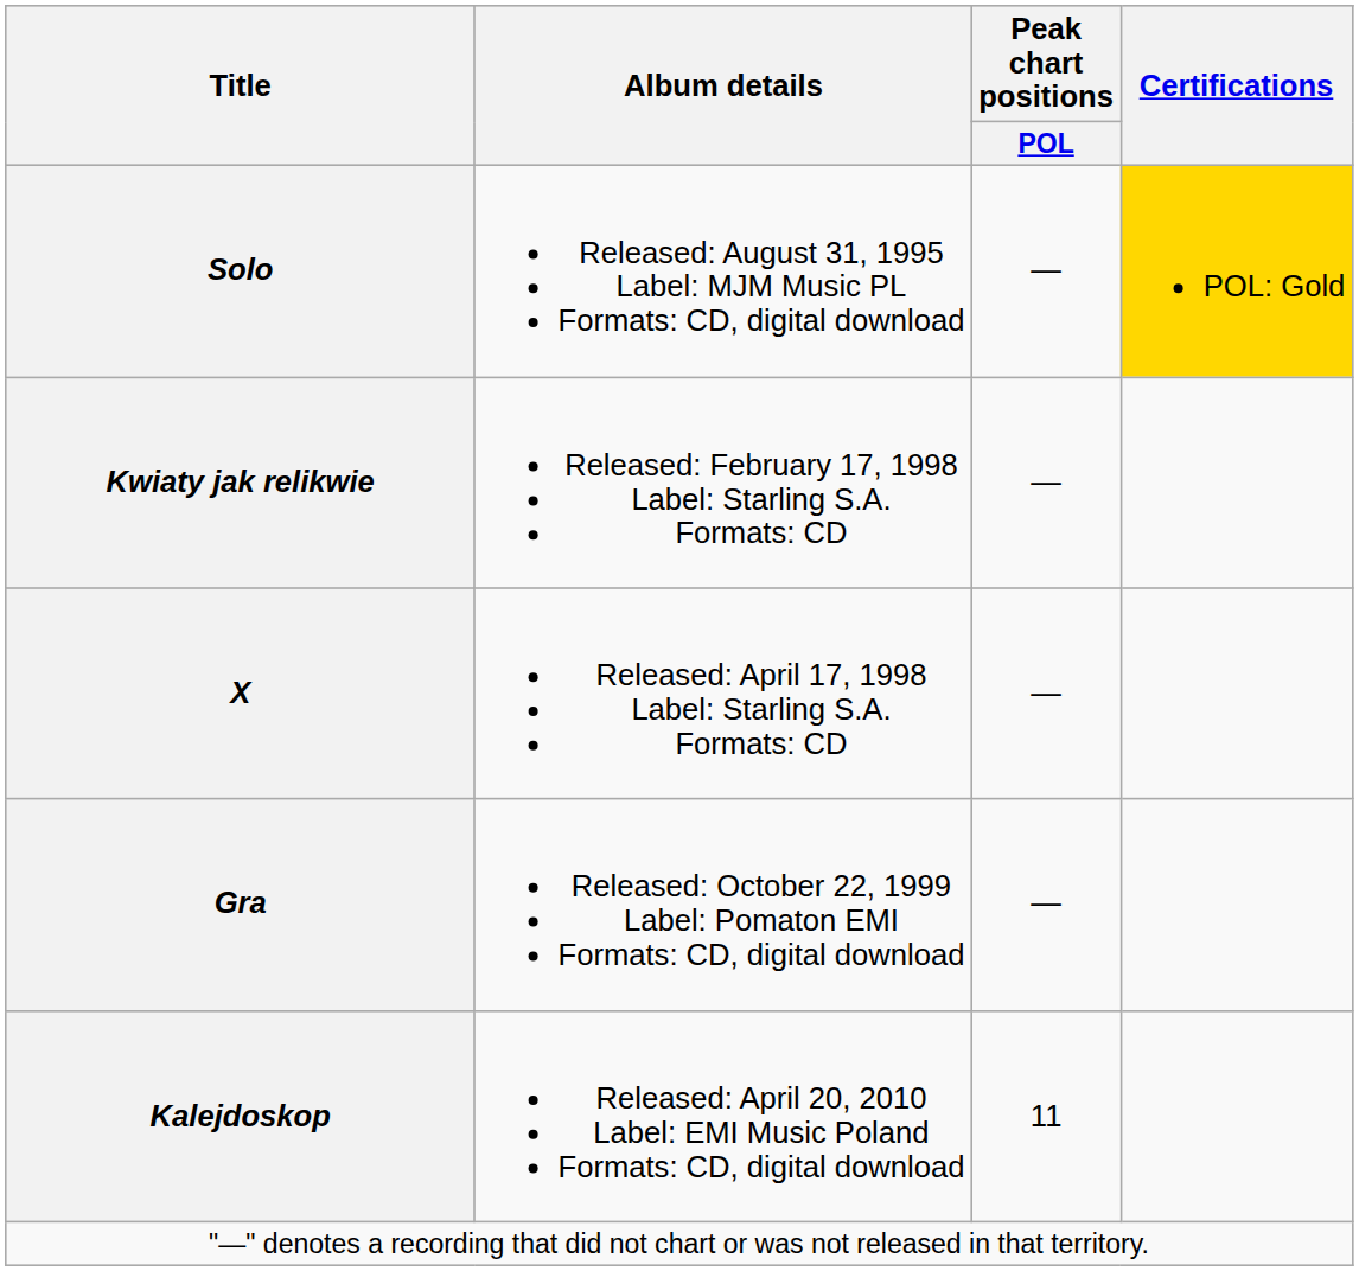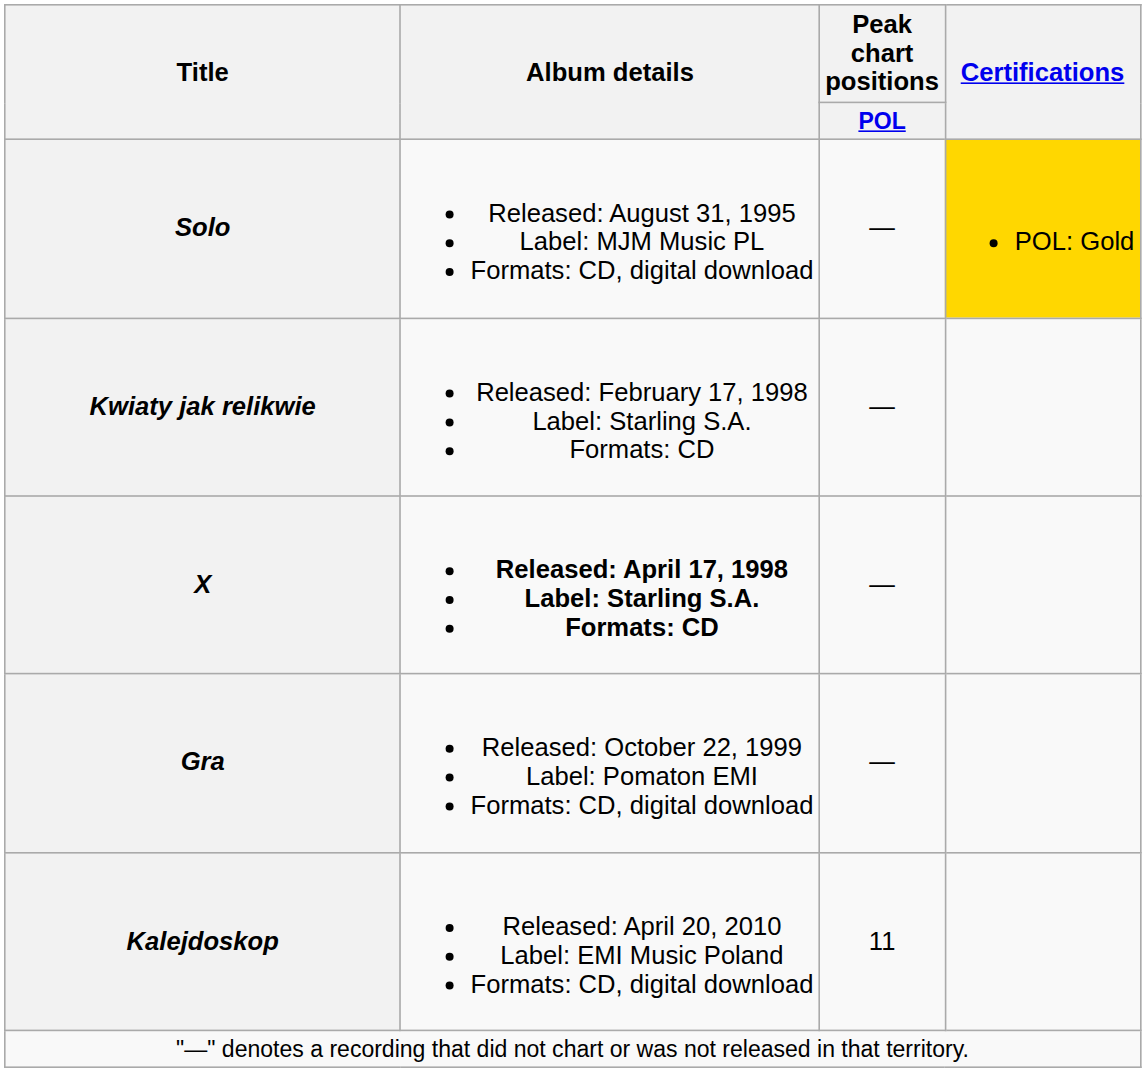 <table class="wikitable plainrowheaders" style="text-align:center;">
 <tr>
 <th scope="col" rowspan="2" style="width:15em;">Title</th>
 <th scope="col" rowspan="2">Album details</th>
 <th scope="col" colspan="1">Peak chart positions</th>
 <th scope="col" rowspan="2"><a href='#'>Certifications</a></th>
 </tr>
 <tr>
 <th scope="col" style="width:3em;font-size:90%;"><a href='#'>POL</a><br></th>
 </tr>
 <tr>
 <th scope="row"><em>Solo</em></th>
 <td><br><ul><li>Released: August 31, 1995</li><li>Label: MJM Music PL</li><li>Formats: CD, digital download</li></ul></td>
 <td>—</td>
 <td style="background: gold;"><br><ul><li>POL: Gold</li></ul></td>
 </tr>
 <tr>
 <th scope="row"><em>Kwiaty jak relikwie</em></th>
 <td><br><ul><li>Released: February 17, 1998</li><li>Label: Starling S.A.</li><li>Formats: CD</li></ul></td>
 <td>—</td>
 <td></td>
 </tr>
 <tr>
 <th scope="row"><em>X</em></th>
-<td><br><ul><li>Released: April 17, 1998</li><li>Label: Starling S.A.</li><li>Formats: CD</li></ul></td>
+<td><strong><br><ul><li>Released: April 17, 1998</li><li>Label: Starling S.A.</li><li>Formats: CD</li></ul></strong></td>
 <td>—</td>
 <td></td>
 </tr>
 <tr>
 <th scope="row"><em>Gra</em></th>
 <td><br><ul><li>Released: October 22, 1999</li><li>Label: Pomaton EMI</li><li>Formats: CD, digital download</li></ul></td>
 <td>—</td>
 <td></td>
 </tr>
 <tr>
 <th scope="row"><em>Kalejdoskop</em></th>
 <td><br><ul><li>Released: April 20, 2010</li><li>Label: EMI Music Poland</li><li>Formats: CD, digital download</li></ul></td>
 <td>11</td>
 <td></td>
 </tr>
 <tr>
 <td colspan="20" style="font-size:90%">"—" denotes a recording that did not chart or was not released in that territory.</td>
 </tr>
 </table>
